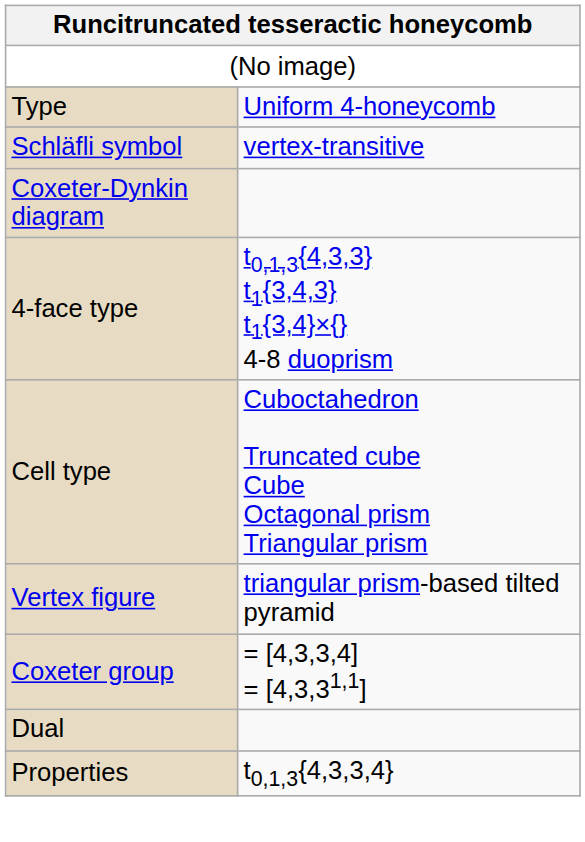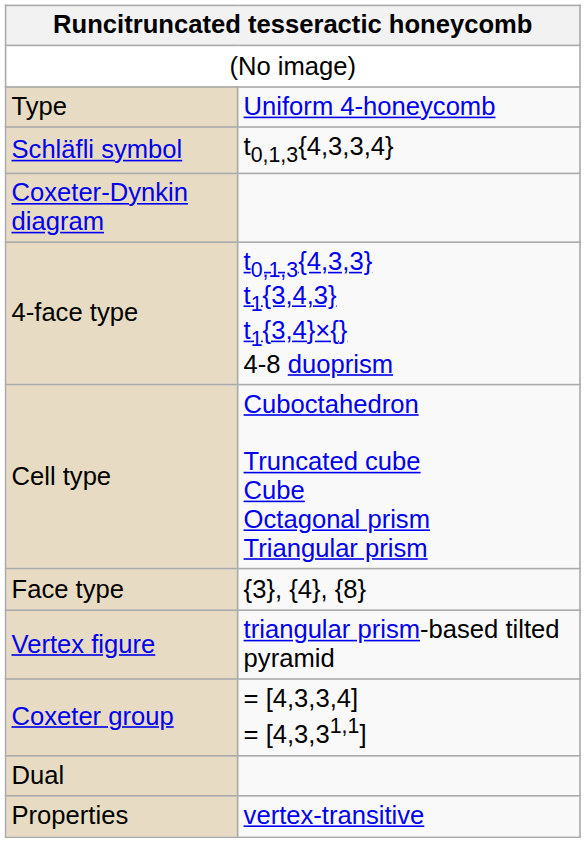 <table class="wikitable" align="right" style="margin-left:10px" width="360">
 <tr>
 <th bgcolor=#e7dcc3 colspan=2>Runcitruncated tesseractic honeycomb</th>
 </tr>
 <tr>
 <td bgcolor=#ffffff align=center colspan=2>(No image)</td>
 </tr>
 <tr>
 <td bgcolor=#e7dcc3>Type</td>
 <td><a href='#'>Uniform 4-honeycomb</a></td>
 </tr>
 <tr>
 <td bgcolor=#e7dcc3><a href='#'>Schläfli symbol</a></td>
-<td><a href='#'>vertex-transitive</a></td>
+<td>t<sub>0,1,3</sub>{4,3,3,4}</td>
 </tr>
 <tr>
 <td bgcolor=#e7dcc3><a href='#'>Coxeter-Dynkin diagram</a></td>
 <td><br></td>
 </tr>
 <tr>
 <td bgcolor=#e7dcc3>4-face type</td>
 <td><a href='#'>t<sub>0,1,3</sub>{4,3,3}</a> <br><a href='#'>t<sub>1</sub>{3,4,3}</a> <br><a href='#'>t<sub>1</sub>{3,4}×{}</a> <br>4-8 <a href='#'>duoprism</a> </td>
 </tr>
 <tr>
 <td bgcolor=#e7dcc3>Cell type</td>
 <td><a href='#'>Cuboctahedron</a> <br><br><a href='#'>Truncated cube</a> <br> <a href='#'>Cube</a> <br> <a href='#'>Octagonal prism</a> <br> <a href='#'>Triangular prism</a> </td>
+</tr>
+<tr>
+<td bgcolor=#e7dcc3>Face type</td>
+<td>{3}, {4}, {8}</td>
 </tr>
 <tr>
 <td bgcolor=#e7dcc3><a href='#'>Vertex figure</a></td>
 <td><a href='#'>triangular prism</a>-based tilted pyramid</td>
 </tr>
 <tr>
 <td bgcolor=#e7dcc3><a href='#'>Coxeter group</a></td>
 <td> = [4,3,3,4]<br> = [4,3,3<sup>1,1</sup>]</td>
 </tr>
 <tr>
 <td bgcolor=#e7dcc3>Dual</td>
 <td></td>
 </tr>
 <tr>
 <td bgcolor=#e7dcc3>Properties</td>
-<td>t<sub>0,1,3</sub>{4,3,3,4}</td>
+<td><a href='#'>vertex-transitive</a></td>
 </tr>
 </table>
